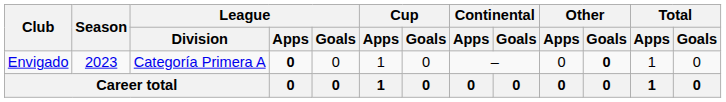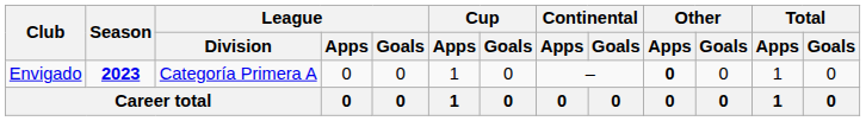 <table class=wikitable style=text-align:center>
 <tr>
 <th rowspan="2">Club</th>
 <th rowspan="2">Season</th>
 <th colspan="3">League</th>
 <th colspan="2">Cup</th>
 <th colspan="2">Continental</th>
 <th colspan="2">Other</th>
 <th colspan="2">Total</th>
 </tr>
 <tr>
 <th>Division</th>
 <th>Apps</th>
 <th>Goals</th>
 <th>Apps</th>
 <th>Goals</th>
 <th>Apps</th>
 <th>Goals</th>
 <th>Apps</th>
 <th>Goals</th>
 <th>Apps</th>
 <th>Goals</th>
 </tr>
 <tr>
 <td><a href='#'>Envigado</a></td>
-<td><a href='#'>2023</a></td>
+<td><strong><a href='#'>2023</a></strong></td>
 <td><a href='#'>Categoría Primera A</a></td>
-<td><strong>0</strong></td>
+<td>0</td>
 <td>0</td>
 <td>1</td>
 <td>0</td>
 <td colspan="2">–</td>
+<td><strong>0</strong></td>
 <td>0</td>
-<td><strong>0</strong></td>
 <td>1</td>
 <td>0</td>
 </tr>
 <tr>
 <th colspan="3"><strong>Career total</strong></th>
 <th>0</th>
 <th>0</th>
 <th>1</th>
 <th>0</th>
 <th>0</th>
 <th>0</th>
 <th>0</th>
 <th>0</th>
 <th>1</th>
 <th>0</th>
 </tr>
 </table>
